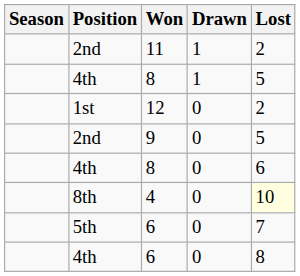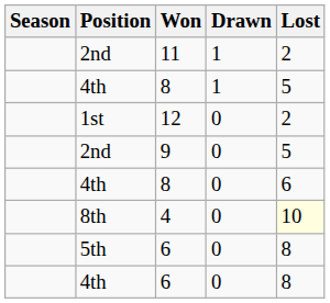 <table class="wikitable">
 <tr>
 <th>Season</th>
 <th>Position</th>
 <th>Won</th>
 <th>Drawn</th>
 <th>Lost</th>
 </tr>
 <tr style="background-color:#">
 <td></td>
 <td>2nd</td>
 <td>11</td>
 <td>1</td>
 <td>2</td>
 </tr>
 <tr style="background-color:#">
 <td></td>
 <td>4th</td>
 <td>8</td>
 <td>1</td>
 <td>5</td>
 </tr>
 <tr style="background-color:#">
 <td></td>
 <td>1st</td>
 <td>12</td>
 <td>0</td>
 <td>2</td>
 </tr>
 <tr>
 <td></td>
 <td>2nd</td>
 <td>9</td>
 <td>0</td>
 <td>5</td>
 </tr>
 <tr>
 <td></td>
 <td>4th</td>
 <td>8</td>
 <td>0</td>
 <td>6</td>
 </tr>
 <tr>
 <td></td>
 <td>8th</td>
 <td>4</td>
 <td>0</td>
 <td style="background: lightyellow;">10</td>
 </tr>
 <tr>
 <td></td>
 <td>5th</td>
 <td>6</td>
 <td>0</td>
-<td>7</td>
+<td>8</td>
 </tr>
 <tr>
 <td></td>
 <td>4th</td>
 <td>6</td>
 <td>0</td>
 <td>8</td>
 </tr>
 </table>
